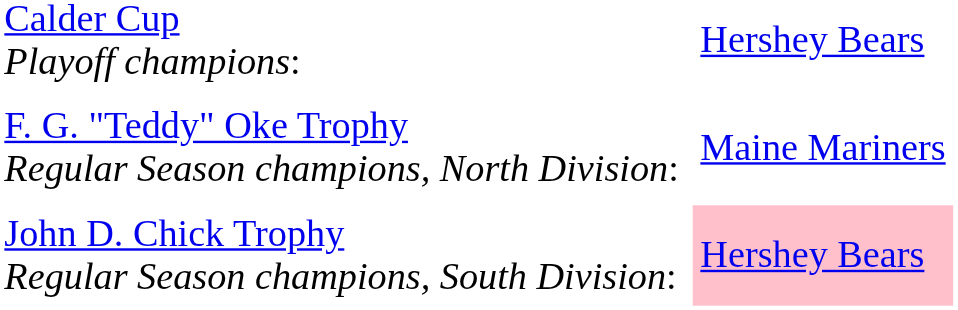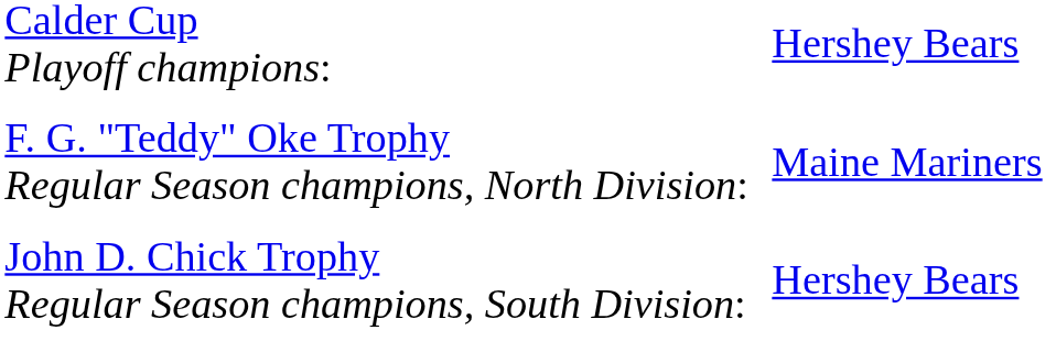 <table cellpadding="3" cellspacing="3">
 <tr>
 <td><a href='#'>Calder Cup</a><br><em>Playoff champions</em>:</td>
 <td><a href='#'>Hershey Bears</a></td>
 </tr>
 <tr>
 <td><a href='#'>F. G. "Teddy" Oke Trophy</a><br><em>Regular Season champions, North Division</em>:</td>
 <td><a href='#'>Maine Mariners</a></td>
 </tr>
 <tr>
 <td><a href='#'>John D. Chick Trophy</a><br><em>Regular Season champions, South Division</em>:</td>
-<td style="background: pink;"><a href='#'>Hershey Bears</a></td>
+<td><a href='#'>Hershey Bears</a></td>
 </tr>
 </table>
